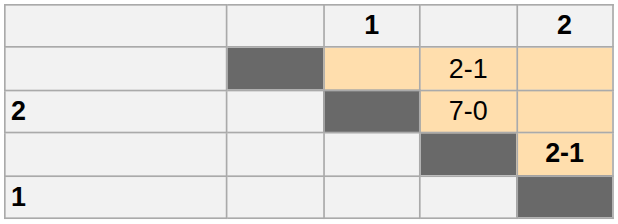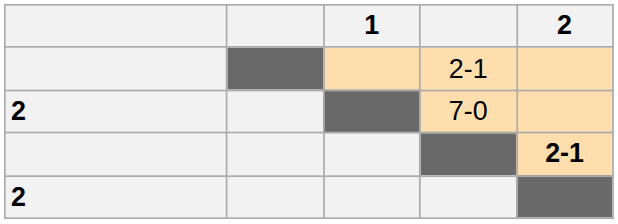 <table class="wikitable" style="text-align:center">
 <tr>
 <th width="125"> </th>
 <th width="50"></th>
 <th width="50"> 1</th>
 <th width="50"></th>
 <th width="50"> 2</th>
 </tr>
 <tr>
 <th style="text-align:left;"></th>
 <td bgcolor="#696969"></td>
 <td bgcolor="#ffdead"></td>
 <td bgcolor="#ffdead">2-1</td>
 <td bgcolor="#ffdead"></td>
 </tr>
 <tr>
 <th style="text-align:left;"> 2</th>
 <th></th>
 <td bgcolor="#696969"></td>
 <td bgcolor="#ffdead">7-0</td>
 <td bgcolor="#ffdead"></td>
 </tr>
 <tr>
 <th style="text-align:left;"></th>
 <th></th>
 <th></th>
 <td bgcolor="#696969"></td>
 <td bgcolor="#ffdead"><strong>2-1</strong></td>
 </tr>
 <tr>
-<th style="text-align:left;"> 1</th>
+<th style="text-align:left;"> 2</th>
 <th></th>
 <th></th>
 <th></th>
 <td bgcolor="#696969"></td>
 </tr>
 </table>
